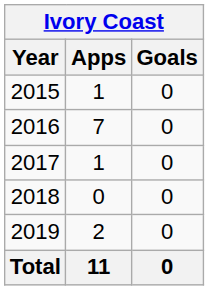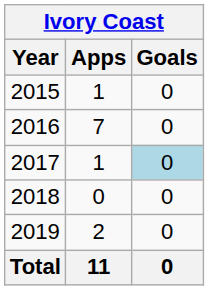 <table class="wikitable" style="text-align:center">
 <tr>
 <th colspan="3"><a href='#'>Ivory Coast</a></th>
 </tr>
 <tr>
 <th>Year</th>
 <th>Apps</th>
 <th>Goals</th>
 </tr>
 <tr>
 <td>2015</td>
 <td>1</td>
 <td>0</td>
 </tr>
 <tr>
 <td>2016</td>
 <td>7</td>
 <td>0</td>
 </tr>
 <tr>
 <td>2017</td>
 <td>1</td>
-<td>0</td>
+<td style="background: lightblue;">0</td>
 </tr>
 <tr>
 <td>2018</td>
 <td>0</td>
 <td>0</td>
 </tr>
 <tr>
 <td>2019</td>
 <td>2</td>
 <td>0</td>
 </tr>
 <tr>
 <th>Total</th>
 <th>11</th>
 <th>0</th>
 </tr>
 </table>
